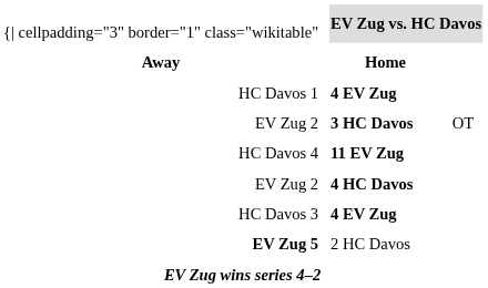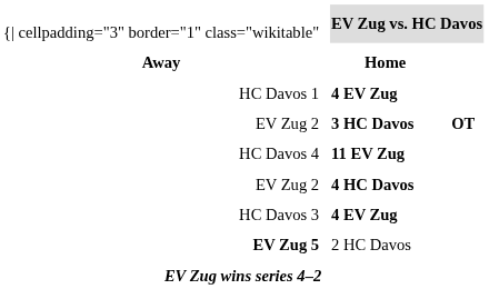 <table cellspacing="10">
 <tr>
 <td valign="top"><br>	{| cellpadding="3" border="1"  class="wikitable"</td>
 <th bgcolor="#DDDDDD" colspan="4">EV Zug vs. HC Davos</th>
 </tr>
 <tr>
 <th>Away</th>
 <th>Home</th>
 </tr>
 <tr>
 <td align = "right">HC Davos 1</td>
 <td><strong>4 EV Zug</strong></td>
 <td> </td>
 </tr>
 <tr>
 <td align = "right">EV Zug 2</td>
 <td><strong>3 HC Davos</strong></td>
-<td>OT</td>
+<td><strong>OT</strong></td>
 </tr>
 <tr>
 <td align = "right">HC Davos 4</td>
 <td><strong>11 EV Zug</strong></td>
 <td> </td>
 </tr>
 <tr>
 <td align = "right">EV Zug 2</td>
 <td><strong>4 HC Davos</strong></td>
 <td> </td>
 </tr>
 <tr>
 <td align = "right">HC Davos 3</td>
 <td><strong>4 EV Zug</strong></td>
 <td> </td>
 </tr>
 <tr>
 <td align = "right"><strong>EV Zug 5</strong></td>
 <td>2 HC Davos</td>
 <td> </td>
 </tr>
 <tr align="center">
 <td colspan="4"><strong><em>EV Zug wins series 4–2</em></strong></td>
 </tr>
 </table>
